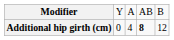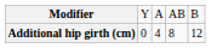 <table class="wikitable">
 <tr>
 <th>Modifier</th>
 <td>Y</td>
 <td>A</td>
 <td>AB</td>
 <td>B</td>
 </tr>
 <tr>
 <th>Additional hip girth (cm)</th>
 <td>0</td>
 <td>4</td>
-<td><strong>8</strong></td>
+<td>8</td>
 <td>12</td>
 </tr>
 </table>
